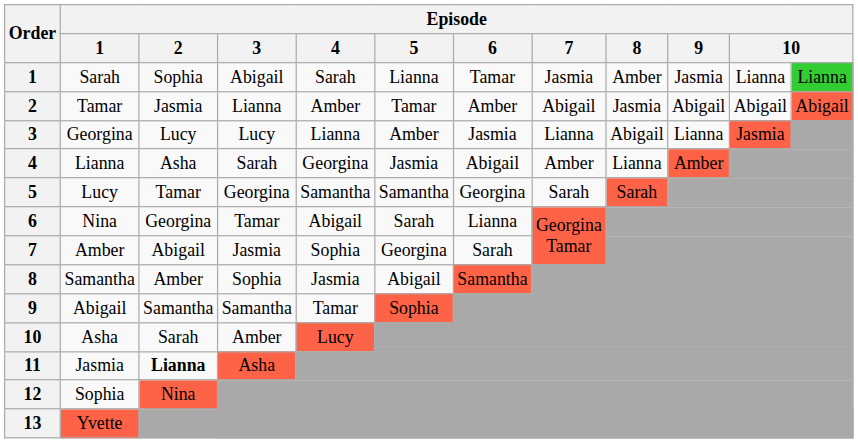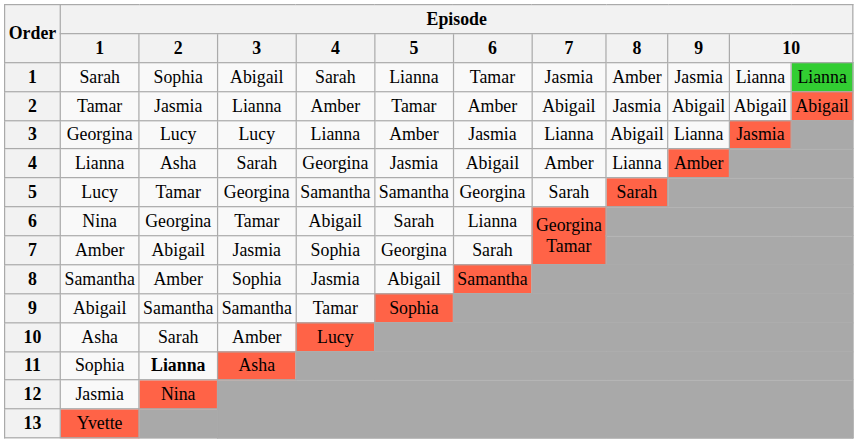 <table class="wikitable" style="text-align:center; font-size:92%">
 <tr>
 <th rowspan=2>Order</th>
 <th colspan="11">Episode</th>
 </tr>
 <tr>
 <th>1</th>
 <th>2</th>
 <th>3</th>
 <th>4</th>
 <th>5</th>
 <th>6</th>
 <th>7</th>
 <th>8</th>
 <th>9</th>
 <th colspan="2">10</th>
 </tr>
 <tr>
 <th>1</th>
 <td>Sarah</td>
 <td>Sophia</td>
 <td>Abigail</td>
 <td>Sarah</td>
 <td>Lianna</td>
 <td>Tamar</td>
 <td>Jasmia</td>
 <td>Amber</td>
 <td>Jasmia</td>
 <td>Lianna</td>
 <td bgcolor="limegreen">Lianna</td>
 </tr>
 <tr>
 <th>2</th>
 <td>Tamar</td>
 <td>Jasmia</td>
 <td>Lianna</td>
 <td>Amber</td>
 <td>Tamar</td>
 <td>Amber</td>
 <td>Abigail</td>
 <td>Jasmia</td>
 <td>Abigail</td>
 <td>Abigail</td>
 <td bgcolor="tomato">Abigail</td>
 </tr>
 <tr>
 <th>3</th>
 <td>Georgina</td>
 <td>Lucy</td>
 <td>Lucy</td>
 <td>Lianna</td>
 <td>Amber</td>
 <td>Jasmia</td>
 <td>Lianna</td>
 <td>Abigail</td>
 <td>Lianna</td>
 <td bgcolor="tomato">Jasmia</td>
 <td bgcolor="darkgray"></td>
 </tr>
 <tr>
 <th>4</th>
 <td>Lianna</td>
 <td>Asha</td>
 <td>Sarah</td>
 <td>Georgina</td>
 <td>Jasmia</td>
 <td>Abigail</td>
 <td>Amber</td>
 <td>Lianna</td>
 <td bgcolor="tomato">Amber</td>
 <td colspan="2" bgcolor="darkgray"></td>
 </tr>
 <tr>
 <th>5</th>
 <td>Lucy</td>
 <td>Tamar</td>
 <td>Georgina</td>
 <td>Samantha</td>
 <td>Samantha</td>
 <td>Georgina</td>
 <td>Sarah</td>
 <td bgcolor="tomato">Sarah</td>
 <td colspan="3" bgcolor="darkgray"></td>
 </tr>
 <tr>
 <th>6</th>
 <td>Nina</td>
 <td>Georgina</td>
 <td>Tamar</td>
 <td>Abigail</td>
 <td>Sarah</td>
 <td>Lianna</td>
 <td rowspan="2" bgcolor="tomato">Georgina<br>Tamar</td>
 <td colspan="4" bgcolor="darkgray"></td>
 </tr>
 <tr>
 <th>7</th>
 <td>Amber</td>
 <td>Abigail</td>
 <td>Jasmia</td>
 <td>Sophia</td>
 <td>Georgina</td>
 <td>Sarah</td>
 <td colspan="5" bgcolor="darkgray"></td>
 </tr>
 <tr>
 <th>8</th>
 <td>Samantha</td>
 <td>Amber</td>
 <td>Sophia</td>
 <td>Jasmia</td>
 <td>Abigail</td>
 <td bgcolor="tomato">Samantha</td>
 <td colspan="6" bgcolor="darkgray"></td>
 </tr>
 <tr>
 <th>9</th>
 <td>Abigail</td>
 <td>Samantha</td>
 <td>Samantha</td>
 <td>Tamar</td>
 <td bgcolor="tomato">Sophia</td>
 <td colspan="7" bgcolor="darkgray"></td>
 </tr>
 <tr>
 <th>10</th>
 <td>Asha</td>
 <td>Sarah</td>
 <td>Amber</td>
 <td bgcolor="tomato">Lucy</td>
 <td colspan="8" bgcolor="darkgray"></td>
 </tr>
 <tr>
 <th>11</th>
-<td>Jasmia</td>
+<td>Sophia</td>
 <td><strong>Lianna</strong></td>
 <td bgcolor="tomato">Asha</td>
 <td colspan="9" bgcolor="darkgray"></td>
 </tr>
 <tr>
 <th>12</th>
-<td>Sophia</td>
+<td>Jasmia</td>
 <td bgcolor="tomato">Nina</td>
 <td colspan="10" rowspan="2" bgcolor="darkgray"></td>
 </tr>
 <tr>
 <th>13</th>
 <td bgcolor="tomato">Yvette</td>
 <td colspan="11" rowspan="2" bgcolor="darkgray"></td>
 </tr>
 </table>
